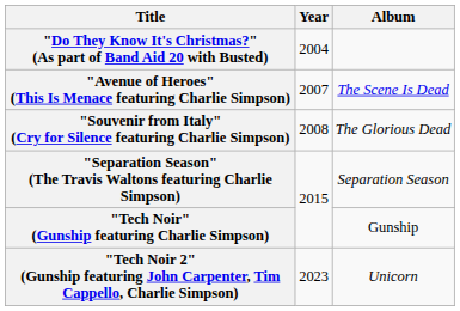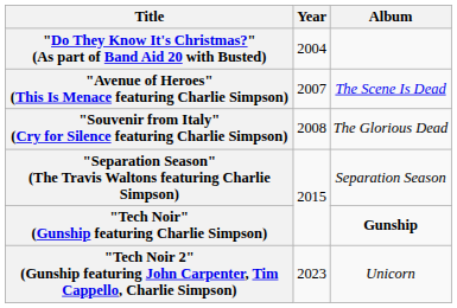 <table class="wikitable plainrowheaders" style="text-align:center;">
 <tr>
 <th scope="col" style="width:19em;">Title</th>
 <th scope="col" style="width:1em;">Year</th>
 <th scope="col">Album</th>
 </tr>
 <tr>
 <th scope="row">"<a href='#'>Do They Know It's Christmas?</a>"<br><span>(As part of <a href='#'>Band Aid 20</a> with Busted)</span></th>
 <td>2004</td>
 <td></td>
 </tr>
 <tr>
 <th scope="row">"Avenue of Heroes"<br><span>(<a href='#'>This Is Menace</a> featuring Charlie Simpson)</span></th>
 <td>2007</td>
 <td><em><a href='#'>The Scene Is Dead</a></em></td>
 </tr>
 <tr>
 <th scope="row">"Souvenir from Italy"<br><span>(<a href='#'>Cry for Silence</a> featuring Charlie Simpson)</span></th>
 <td>2008</td>
 <td><em>The Glorious Dead</em></td>
 </tr>
 <tr>
 <th scope="row">"Separation Season"<br><span>(The Travis Waltons featuring Charlie Simpson)</span></th>
 <td rowspan="2">2015</td>
 <td><em>Separation Season</em></td>
 </tr>
 <tr>
 <th scope="row">"Tech Noir"<br><span>(<a href='#'>Gunship</a> featuring Charlie Simpson)</span></th>
-<td>Gunship</td>
+<td><strong>Gunship</strong></td>
 </tr>
 <tr>
 <th scope="row">"Tech Noir 2"<br><span>(Gunship featuring <a href='#'>John Carpenter</a>, <a href='#'>Tim Cappello</a>, Charlie Simpson)</span></th>
 <td>2023</td>
 <td><em>Unicorn</em></td>
 </tr>
 </table>
